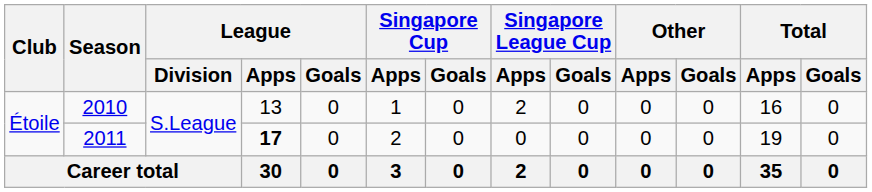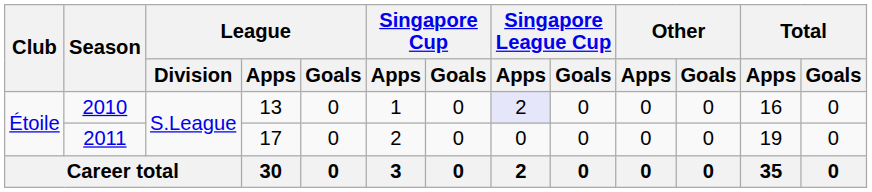 <table class="wikitable" style="text-align: center">
 <tr>
 <th rowspan="2">Club</th>
 <th rowspan="2">Season</th>
 <th colspan="3">League</th>
 <th colspan="2"><a href='#'>Singapore<br>Cup</a></th>
 <th colspan="2"><a href='#'>Singapore<br>League Cup</a></th>
 <th colspan="2">Other</th>
 <th colspan="2">Total</th>
 </tr>
 <tr>
 <th>Division</th>
 <th>Apps</th>
 <th>Goals</th>
 <th>Apps</th>
 <th>Goals</th>
 <th>Apps</th>
 <th>Goals</th>
 <th>Apps</th>
 <th>Goals</th>
 <th>Apps</th>
 <th>Goals</th>
 </tr>
 <tr>
 <td rowspan="2"><a href='#'>Étoile</a></td>
 <td><a href='#'>2010</a></td>
 <td rowspan="2"><a href='#'>S.League</a></td>
 <td>13</td>
 <td>0</td>
 <td>1</td>
 <td>0</td>
-<td>2</td>
+<td style="background: lavender;">2</td>
 <td>0</td>
 <td>0</td>
 <td>0</td>
 <td>16</td>
 <td>0</td>
 </tr>
 <tr>
 <td><a href='#'>2011</a></td>
-<td><strong>17</strong></td>
+<td>17</td>
 <td>0</td>
 <td>2</td>
 <td>0</td>
 <td>0</td>
 <td>0</td>
 <td>0</td>
 <td>0</td>
 <td>19</td>
 <td>0</td>
 </tr>
 <tr>
 <th colspan="3"><strong>Career total</strong></th>
 <th>30</th>
 <th>0</th>
 <th>3</th>
 <th>0</th>
 <th>2</th>
 <th>0</th>
 <th>0</th>
 <th>0</th>
 <th>35</th>
 <th>0</th>
 </tr>
 </table>
